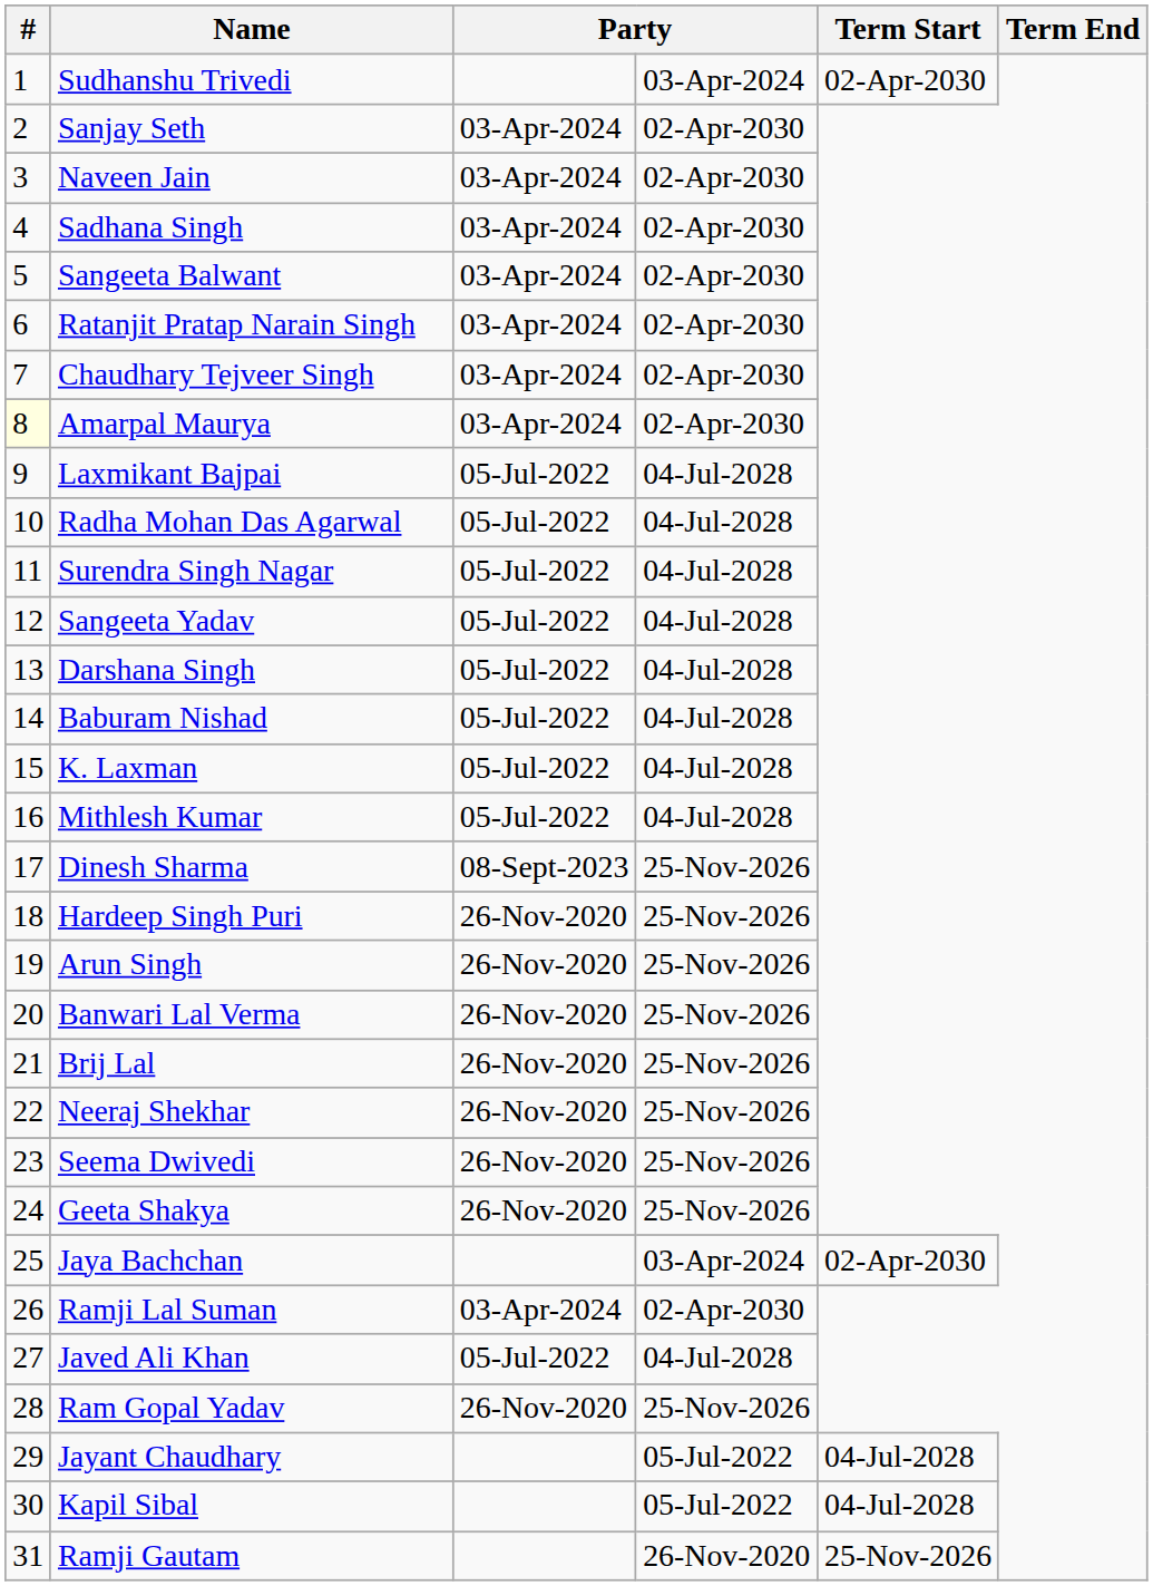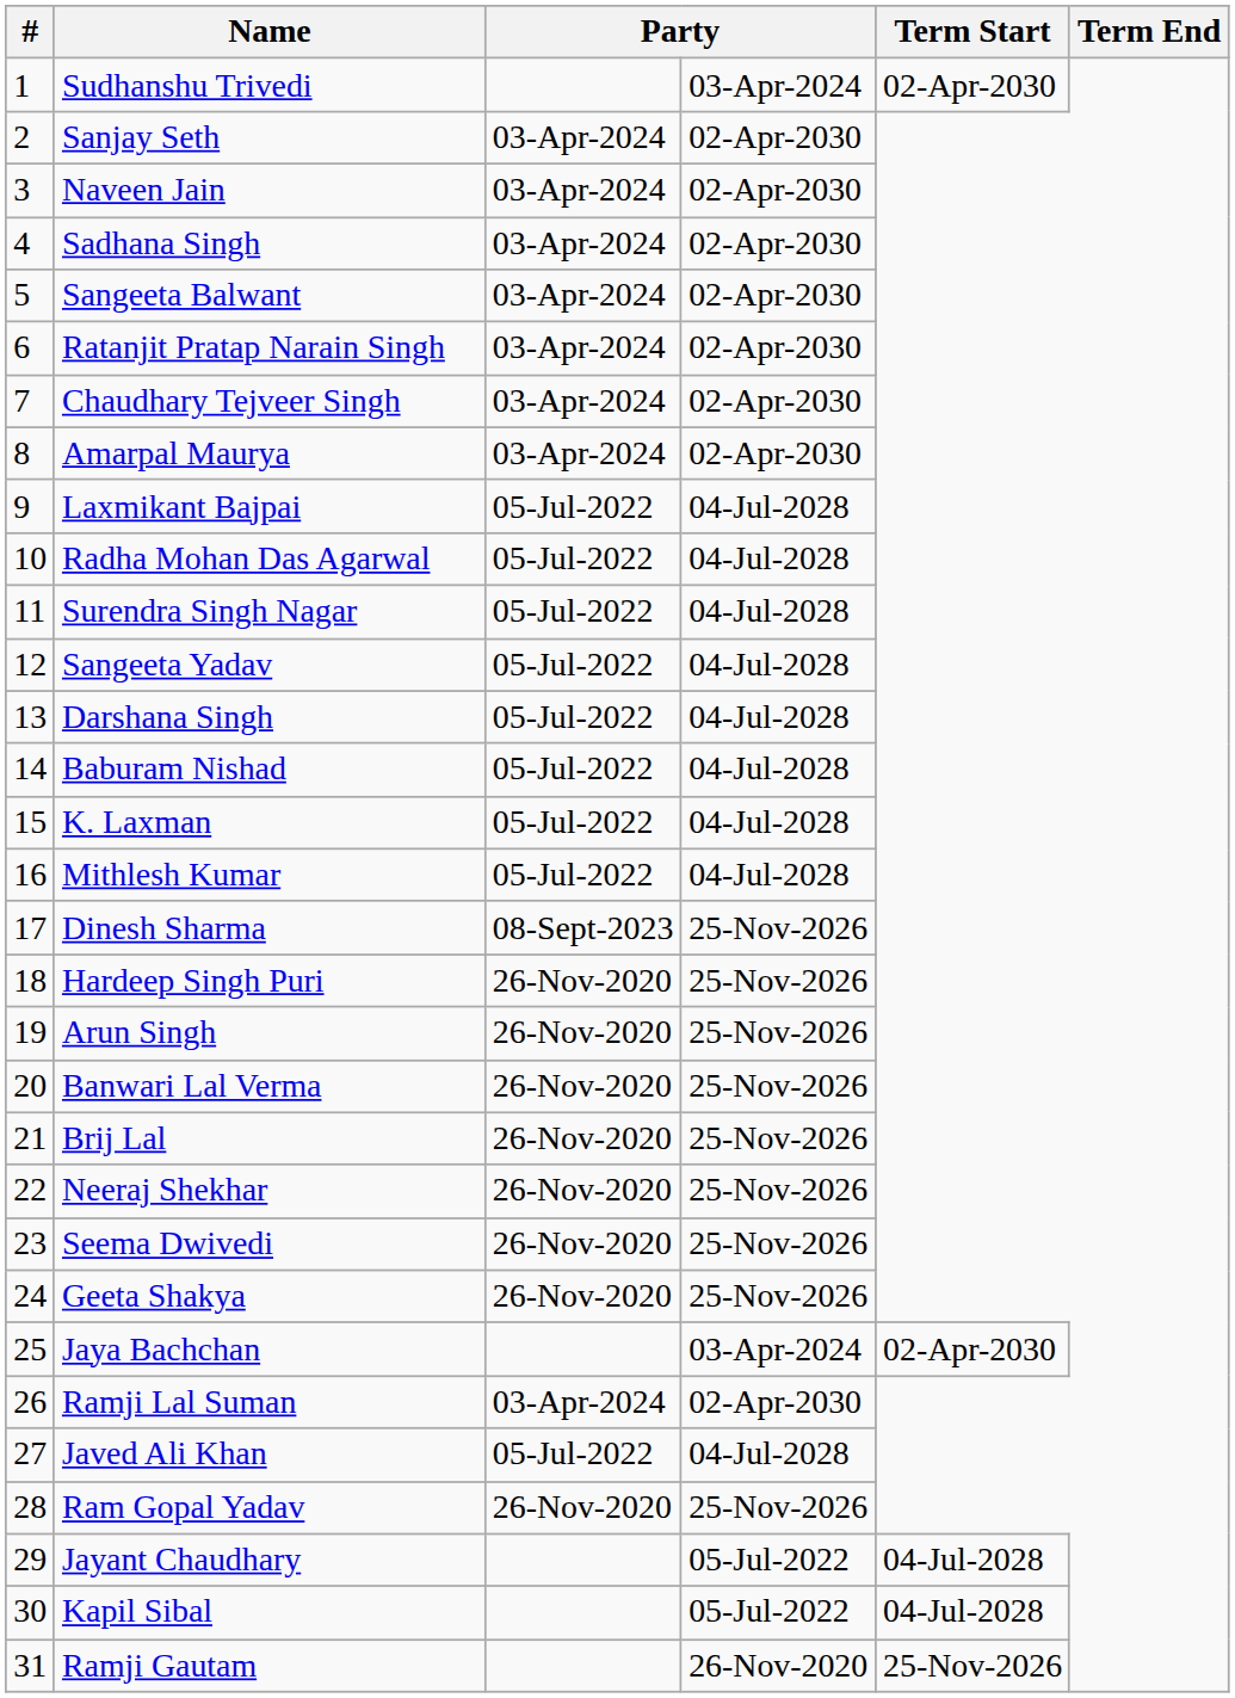 <table class="wikitable sortable">
 <tr>
 <th>#</th>
 <th style="width:200px">Name</th>
 <th colspan="2">Party</th>
 <th>Term Start</th>
 <th>Term End</th>
 </tr>
 <tr>
 <td>1</td>
 <td><a href='#'>Sudhanshu Trivedi</a></td>
 <td></td>
 <td>03-Apr-2024</td>
 <td>02-Apr-2030</td>
 </tr>
 <tr>
 <td>2</td>
 <td><a href='#'>Sanjay Seth</a></td>
 <td>03-Apr-2024</td>
 <td>02-Apr-2030</td>
 </tr>
 <tr>
 <td>3</td>
 <td><a href='#'>Naveen Jain</a></td>
 <td>03-Apr-2024</td>
 <td>02-Apr-2030</td>
 </tr>
 <tr>
 <td>4</td>
 <td><a href='#'>Sadhana Singh</a></td>
 <td>03-Apr-2024</td>
 <td>02-Apr-2030</td>
 </tr>
 <tr>
 <td>5</td>
 <td><a href='#'>Sangeeta Balwant</a></td>
 <td>03-Apr-2024</td>
 <td>02-Apr-2030</td>
 </tr>
 <tr>
 <td>6</td>
 <td><a href='#'>Ratanjit Pratap Narain Singh</a></td>
 <td>03-Apr-2024</td>
 <td>02-Apr-2030</td>
 </tr>
 <tr>
 <td>7</td>
 <td><a href='#'>Chaudhary Tejveer Singh</a></td>
 <td>03-Apr-2024</td>
 <td>02-Apr-2030</td>
 </tr>
 <tr>
-<td style="background: lightyellow;">8</td>
+<td>8</td>
 <td><a href='#'>Amarpal Maurya</a></td>
 <td>03-Apr-2024</td>
 <td>02-Apr-2030</td>
 </tr>
 <tr>
 <td>9</td>
 <td><a href='#'>Laxmikant Bajpai</a></td>
 <td>05-Jul-2022</td>
 <td>04-Jul-2028</td>
 </tr>
 <tr>
 <td>10</td>
 <td><a href='#'>Radha Mohan Das Agarwal</a></td>
 <td>05-Jul-2022</td>
 <td>04-Jul-2028</td>
 </tr>
 <tr>
 <td>11</td>
 <td><a href='#'>Surendra Singh Nagar</a></td>
 <td>05-Jul-2022</td>
 <td>04-Jul-2028</td>
 </tr>
 <tr>
 <td>12</td>
 <td><a href='#'>Sangeeta Yadav</a></td>
 <td>05-Jul-2022</td>
 <td>04-Jul-2028</td>
 </tr>
 <tr>
 <td>13</td>
 <td><a href='#'>Darshana Singh</a></td>
 <td>05-Jul-2022</td>
 <td>04-Jul-2028</td>
 </tr>
 <tr>
 <td>14</td>
 <td><a href='#'>Baburam Nishad</a></td>
 <td>05-Jul-2022</td>
 <td>04-Jul-2028</td>
 </tr>
 <tr>
 <td>15</td>
 <td><a href='#'>K. Laxman</a></td>
 <td>05-Jul-2022</td>
 <td>04-Jul-2028</td>
 </tr>
 <tr>
 <td>16</td>
 <td><a href='#'>Mithlesh Kumar</a></td>
 <td>05-Jul-2022</td>
 <td>04-Jul-2028</td>
 </tr>
 <tr>
 <td>17</td>
 <td><a href='#'>Dinesh Sharma</a></td>
 <td>08-Sept-2023</td>
 <td>25-Nov-2026</td>
 </tr>
 <tr>
 <td>18</td>
 <td><a href='#'>Hardeep Singh Puri</a></td>
 <td>26-Nov-2020</td>
 <td>25-Nov-2026</td>
 </tr>
 <tr>
 <td>19</td>
 <td><a href='#'>Arun Singh</a></td>
 <td>26-Nov-2020</td>
 <td>25-Nov-2026</td>
 </tr>
 <tr>
 <td>20</td>
 <td><a href='#'>Banwari Lal Verma</a></td>
 <td>26-Nov-2020</td>
 <td>25-Nov-2026</td>
 </tr>
 <tr>
 <td>21</td>
 <td><a href='#'>Brij Lal</a></td>
 <td>26-Nov-2020</td>
 <td>25-Nov-2026</td>
 </tr>
 <tr>
 <td>22</td>
 <td><a href='#'>Neeraj Shekhar</a></td>
 <td>26-Nov-2020</td>
 <td>25-Nov-2026</td>
 </tr>
 <tr>
 <td>23</td>
 <td><a href='#'>Seema Dwivedi</a></td>
 <td>26-Nov-2020</td>
 <td>25-Nov-2026</td>
 </tr>
 <tr>
 <td>24</td>
 <td><a href='#'>Geeta Shakya</a></td>
 <td>26-Nov-2020</td>
 <td>25-Nov-2026</td>
 </tr>
 <tr>
 <td>25</td>
 <td><a href='#'>Jaya Bachchan</a></td>
 <td></td>
 <td>03-Apr-2024</td>
 <td>02-Apr-2030</td>
 </tr>
 <tr>
 <td>26</td>
 <td><a href='#'>Ramji Lal Suman</a></td>
 <td>03-Apr-2024</td>
 <td>02-Apr-2030</td>
 </tr>
 <tr>
 <td>27</td>
 <td><a href='#'>Javed Ali Khan</a></td>
 <td>05-Jul-2022</td>
 <td>04-Jul-2028</td>
 </tr>
 <tr>
 <td>28</td>
 <td><a href='#'>Ram Gopal Yadav</a></td>
 <td>26-Nov-2020</td>
 <td>25-Nov-2026</td>
 </tr>
 <tr>
 <td>29</td>
 <td><a href='#'>Jayant Chaudhary</a></td>
 <td></td>
 <td>05-Jul-2022</td>
 <td>04-Jul-2028</td>
 </tr>
 <tr>
 <td>30</td>
 <td><a href='#'>Kapil Sibal</a></td>
 <td></td>
 <td>05-Jul-2022</td>
 <td>04-Jul-2028</td>
 </tr>
 <tr>
 <td>31</td>
 <td><a href='#'>Ramji Gautam</a></td>
 <td></td>
 <td>26-Nov-2020</td>
 <td>25-Nov-2026</td>
 </tr>
 </table>
